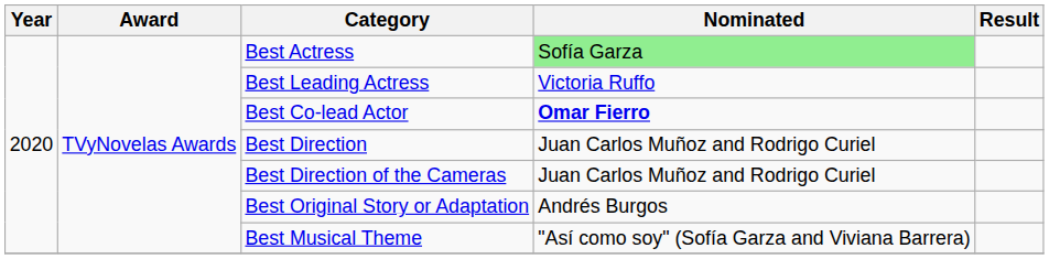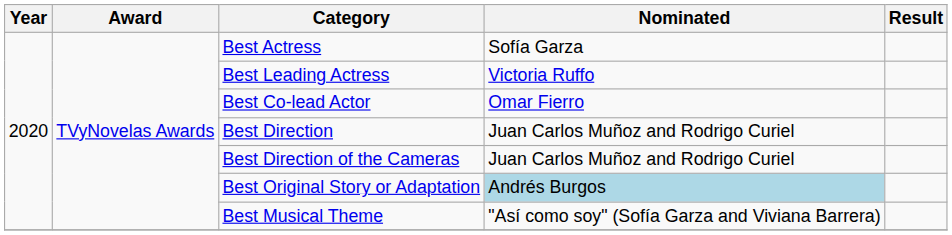 <table class="wikitable plainrowheaders">
 <tr>
 <th scope="col">Year</th>
 <th scope="col">Award</th>
 <th scope="col">Category</th>
 <th scope="col">Nominated</th>
 <th scope="col">Result</th>
 </tr>
 <tr>
 <td rowspan="7">2020</td>
 <td rowspan="7"><a href='#'>TVyNovelas Awards</a></td>
 <td><a href='#'>Best Actress</a></td>
-<td style="background: lightgreen;">Sofía Garza</td>
+<td>Sofía Garza</td>
 <td></td>
 </tr>
 <tr>
 <td><a href='#'>Best Leading Actress</a></td>
 <td><a href='#'>Victoria Ruffo</a></td>
 <td></td>
 </tr>
 <tr>
 <td><a href='#'>Best Co-lead Actor</a></td>
-<td><strong><a href='#'>Omar Fierro</a></strong></td>
+<td><a href='#'>Omar Fierro</a></td>
 <td></td>
 </tr>
 <tr>
 <td><a href='#'>Best Direction</a></td>
 <td>Juan Carlos Muñoz and Rodrigo Curiel</td>
 <td></td>
 </tr>
 <tr>
 <td><a href='#'>Best Direction of the Cameras</a></td>
 <td>Juan Carlos Muñoz and Rodrigo Curiel</td>
 <td></td>
 </tr>
 <tr>
 <td><a href='#'>Best Original Story or Adaptation</a></td>
-<td>Andrés Burgos</td>
+<td style="background: lightblue;">Andrés Burgos</td>
 <td></td>
 </tr>
 <tr>
 <td><a href='#'>Best Musical Theme</a></td>
 <td>"Así como soy" (Sofía Garza and Viviana Barrera)</td>
 <td></td>
 </tr>
 <tr>
 </tr>
 </table>
